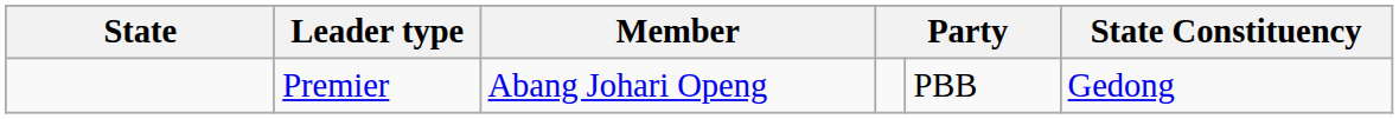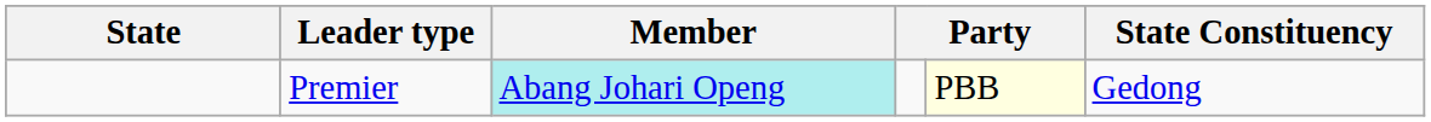 <table class ="wikitable sortable">
 <tr>
 <th style="width:120px;">State</th>
 <th style="width:90px;">Leader type</th>
 <th style="width:180px;">Member</th>
 <th style="width:80px;" colspan=2>Party</th>
 <th style="width:150px;">State Constituency</th>
 </tr>
 <tr>
 <td></td>
 <td><a href='#'>Premier</a></td>
-<td><a href='#'>Abang Johari Openg</a></td>
+<td style="background: paleturquoise;"><a href='#'>Abang Johari Openg</a></td>
 <td></td>
-<td>PBB</td>
+<td style="background: lightyellow;">PBB</td>
 <td><a href='#'>Gedong</a></td>
 </tr>
 </table>
